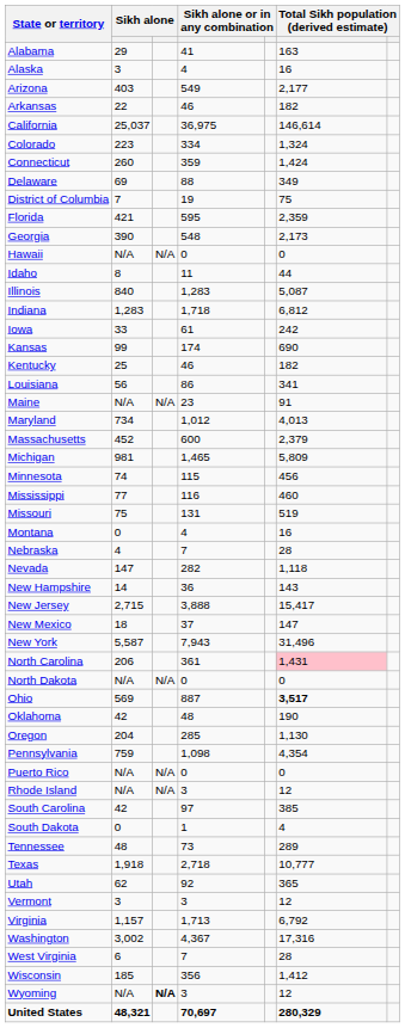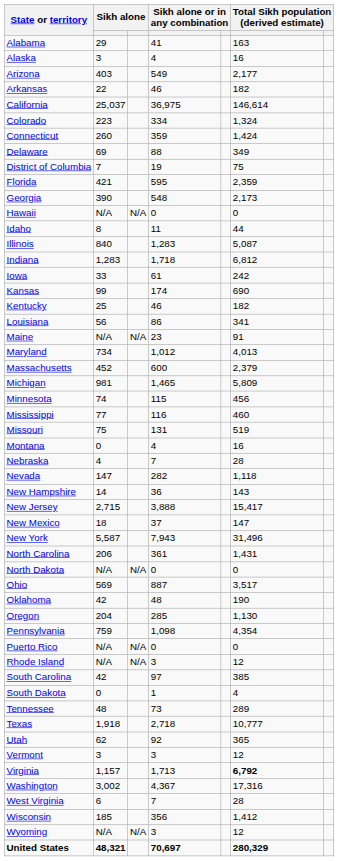 <table class="wikitable collapsible sortable">
 <tr>
 <th rowspan="2"><a href='#'>State</a> or <a href='#'>territory</a></th>
 <th colspan="2">Sikh alone</th>
 <th colspan="2">Sikh alone or in<br>any combination</th>
 <th colspan="2">Total Sikh population<br>(<strong>derived estimate</strong>)</th>
 </tr>
 <tr>
 <th><a href='#'></a></th>
 <th></th>
 <th><a href='#'></a></th>
 <th></th>
 <th><a href='#'></a></th>
 <th></th>
 </tr>
 <tr>
 <td> <a href='#'>Alabama</a></td>
 <td>29</td>
 <td></td>
 <td>41</td>
 <td></td>
 <td>163</td>
 <td></td>
 </tr>
 <tr>
 <td> <a href='#'>Alaska</a></td>
 <td>3</td>
 <td></td>
 <td>4</td>
 <td></td>
 <td>16</td>
 <td></td>
 </tr>
 <tr>
 <td> <a href='#'>Arizona</a></td>
 <td>403</td>
 <td></td>
 <td>549</td>
 <td></td>
 <td>2,177</td>
 <td></td>
 </tr>
 <tr>
 <td> <a href='#'>Arkansas</a></td>
 <td>22</td>
 <td></td>
 <td>46</td>
 <td></td>
 <td>182</td>
 <td></td>
 </tr>
 <tr>
 <td> <a href='#'>California</a></td>
 <td>25,037</td>
 <td></td>
 <td>36,975</td>
 <td></td>
 <td>146,614</td>
 <td></td>
 </tr>
 <tr>
 <td> <a href='#'>Colorado</a></td>
 <td>223</td>
 <td></td>
 <td>334</td>
 <td></td>
 <td>1,324</td>
 <td></td>
 </tr>
 <tr>
 <td> <a href='#'>Connecticut</a></td>
 <td>260</td>
 <td></td>
 <td>359</td>
 <td></td>
 <td>1,424</td>
 <td></td>
 </tr>
 <tr>
 <td> <a href='#'>Delaware</a></td>
 <td>69</td>
 <td></td>
 <td>88</td>
 <td></td>
 <td>349</td>
 <td></td>
 </tr>
 <tr>
 <td> <a href='#'>District of Columbia</a></td>
 <td>7</td>
 <td></td>
 <td>19</td>
 <td></td>
 <td>75</td>
 <td></td>
 </tr>
 <tr>
 <td> <a href='#'>Florida</a></td>
 <td>421</td>
 <td></td>
 <td>595</td>
 <td></td>
 <td>2,359</td>
 <td></td>
 </tr>
 <tr>
 <td> <a href='#'>Georgia</a></td>
 <td>390</td>
 <td></td>
 <td>548</td>
 <td></td>
 <td>2,173</td>
 <td></td>
 </tr>
 <tr>
 <td> <a href='#'>Hawaii</a></td>
 <td>N/A</td>
 <td>N/A</td>
 <td>0</td>
 <td></td>
 <td>0</td>
 <td></td>
 </tr>
 <tr>
 <td> <a href='#'>Idaho</a></td>
 <td>8</td>
 <td></td>
 <td>11</td>
 <td></td>
 <td>44</td>
 <td></td>
 </tr>
 <tr>
 <td> <a href='#'>Illinois</a></td>
 <td>840</td>
 <td></td>
 <td>1,283</td>
 <td></td>
 <td>5,087</td>
 <td></td>
 </tr>
 <tr>
 <td> <a href='#'>Indiana</a></td>
 <td>1,283</td>
 <td></td>
 <td>1,718</td>
 <td></td>
 <td>6,812</td>
 <td></td>
 </tr>
 <tr>
 <td> <a href='#'>Iowa</a></td>
 <td>33</td>
 <td></td>
 <td>61</td>
 <td></td>
 <td>242</td>
 <td></td>
 </tr>
 <tr>
 <td> <a href='#'>Kansas</a></td>
 <td>99</td>
 <td></td>
 <td>174</td>
 <td></td>
 <td>690</td>
 <td></td>
 </tr>
 <tr>
 <td> <a href='#'>Kentucky</a></td>
 <td>25</td>
 <td></td>
 <td>46</td>
 <td></td>
 <td>182</td>
 <td></td>
 </tr>
 <tr>
 <td> <a href='#'>Louisiana</a></td>
 <td>56</td>
 <td></td>
 <td>86</td>
 <td></td>
 <td>341</td>
 <td></td>
 </tr>
 <tr>
 <td> <a href='#'>Maine</a></td>
 <td>N/A</td>
 <td>N/A</td>
 <td>23</td>
 <td></td>
 <td>91</td>
 <td></td>
 </tr>
 <tr>
 <td> <a href='#'>Maryland</a></td>
 <td>734</td>
 <td></td>
 <td>1,012</td>
 <td></td>
 <td>4,013</td>
 <td></td>
 </tr>
 <tr>
 <td> <a href='#'>Massachusetts</a></td>
 <td>452</td>
 <td></td>
 <td>600</td>
 <td></td>
 <td>2,379</td>
 <td></td>
 </tr>
 <tr>
 <td> <a href='#'>Michigan</a></td>
 <td>981</td>
 <td></td>
 <td>1,465</td>
 <td></td>
 <td>5,809</td>
 <td></td>
 </tr>
 <tr>
 <td> <a href='#'>Minnesota</a></td>
 <td>74</td>
 <td></td>
 <td>115</td>
 <td></td>
 <td>456</td>
 <td></td>
 </tr>
 <tr>
 <td> <a href='#'>Mississippi</a></td>
 <td>77</td>
 <td></td>
 <td>116</td>
 <td></td>
 <td>460</td>
 <td></td>
 </tr>
 <tr>
 <td> <a href='#'>Missouri</a></td>
 <td>75</td>
 <td></td>
 <td>131</td>
 <td></td>
 <td>519</td>
 <td></td>
 </tr>
 <tr>
 <td> <a href='#'>Montana</a></td>
 <td>0</td>
 <td></td>
 <td>4</td>
 <td></td>
 <td>16</td>
 <td></td>
 </tr>
 <tr>
 <td> <a href='#'>Nebraska</a></td>
 <td>4</td>
 <td></td>
 <td>7</td>
 <td></td>
 <td>28</td>
 <td></td>
 </tr>
 <tr>
 <td> <a href='#'>Nevada</a></td>
 <td>147</td>
 <td></td>
 <td>282</td>
 <td></td>
 <td>1,118</td>
 <td></td>
 </tr>
 <tr>
 <td> <a href='#'>New Hampshire</a></td>
 <td>14</td>
 <td></td>
 <td>36</td>
 <td></td>
 <td>143</td>
 <td></td>
 </tr>
 <tr>
 <td> <a href='#'>New Jersey</a></td>
 <td>2,715</td>
 <td></td>
 <td>3,888</td>
 <td></td>
 <td>15,417</td>
 <td></td>
 </tr>
 <tr>
 <td> <a href='#'>New Mexico</a></td>
 <td>18</td>
 <td></td>
 <td>37</td>
 <td></td>
 <td>147</td>
 <td></td>
 </tr>
 <tr>
 <td> <a href='#'>New York</a></td>
 <td>5,587</td>
 <td></td>
 <td>7,943</td>
 <td></td>
 <td>31,496</td>
 <td></td>
 </tr>
 <tr>
 <td> <a href='#'>North Carolina</a></td>
 <td>206</td>
 <td></td>
 <td>361</td>
 <td></td>
-<td style="background: pink;">1,431</td>
+<td>1,431</td>
 <td></td>
 </tr>
 <tr>
 <td> <a href='#'>North Dakota</a></td>
 <td>N/A</td>
 <td>N/A</td>
 <td>0</td>
 <td></td>
 <td>0</td>
 <td></td>
 </tr>
 <tr>
 <td> <a href='#'>Ohio</a></td>
 <td>569</td>
 <td></td>
 <td>887</td>
 <td></td>
-<td><strong>3,517</strong></td>
+<td>3,517</td>
 <td></td>
 </tr>
 <tr>
 <td> <a href='#'>Oklahoma</a></td>
 <td>42</td>
 <td></td>
 <td>48</td>
 <td></td>
 <td>190</td>
 <td></td>
 </tr>
 <tr>
 <td> <a href='#'>Oregon</a></td>
 <td>204</td>
 <td></td>
 <td>285</td>
 <td></td>
 <td>1,130</td>
 <td></td>
 </tr>
 <tr>
 <td> <a href='#'>Pennsylvania</a></td>
 <td>759</td>
 <td></td>
 <td>1,098</td>
 <td></td>
 <td>4,354</td>
 <td></td>
 </tr>
 <tr>
 <td> <a href='#'>Puerto Rico</a></td>
 <td>N/A</td>
 <td>N/A</td>
 <td>0</td>
 <td></td>
 <td>0</td>
 <td></td>
 </tr>
 <tr>
 <td> <a href='#'>Rhode Island</a></td>
 <td>N/A</td>
 <td>N/A</td>
 <td>3</td>
 <td></td>
 <td>12</td>
 <td></td>
 </tr>
 <tr>
 <td> <a href='#'>South Carolina</a></td>
 <td>42</td>
 <td></td>
 <td>97</td>
 <td></td>
 <td>385</td>
 <td></td>
 </tr>
 <tr>
 <td> <a href='#'>South Dakota</a></td>
 <td>0</td>
 <td></td>
 <td>1</td>
 <td></td>
 <td>4</td>
 <td></td>
 </tr>
 <tr>
 <td> <a href='#'>Tennessee</a></td>
 <td>48</td>
 <td></td>
 <td>73</td>
 <td></td>
 <td>289</td>
 <td></td>
 </tr>
 <tr>
 <td> <a href='#'>Texas</a></td>
 <td>1,918</td>
 <td></td>
 <td>2,718</td>
 <td></td>
 <td>10,777</td>
 <td></td>
 </tr>
 <tr>
 <td> <a href='#'>Utah</a></td>
 <td>62</td>
 <td></td>
 <td>92</td>
 <td></td>
 <td>365</td>
 <td></td>
 </tr>
 <tr>
 <td> <a href='#'>Vermont</a></td>
 <td>3</td>
 <td></td>
 <td>3</td>
 <td></td>
 <td>12</td>
 <td></td>
 </tr>
 <tr>
 <td> <a href='#'>Virginia</a></td>
 <td>1,157</td>
 <td></td>
 <td>1,713</td>
 <td></td>
-<td>6,792</td>
+<td><strong>6,792</strong></td>
 <td></td>
 </tr>
 <tr>
 <td> <a href='#'>Washington</a></td>
 <td>3,002</td>
 <td></td>
 <td>4,367</td>
 <td></td>
 <td>17,316</td>
 <td></td>
 </tr>
 <tr>
 <td> <a href='#'>West Virginia</a></td>
 <td>6</td>
 <td></td>
 <td>7</td>
 <td></td>
 <td>28</td>
 <td></td>
 </tr>
 <tr>
 <td> <a href='#'>Wisconsin</a></td>
 <td>185</td>
 <td></td>
 <td>356</td>
 <td></td>
 <td>1,412</td>
 <td></td>
 </tr>
 <tr>
 <td> <a href='#'>Wyoming</a></td>
 <td>N/A</td>
-<td><strong>N/A</strong></td>
+<td>N/A</td>
 <td>3</td>
 <td></td>
 <td>12</td>
 <td></td>
 </tr>
 <tr>
 <td> <strong>United States</strong></td>
 <td><strong>48,321</strong></td>
 <td><strong></strong></td>
 <td><strong>70,697</strong></td>
 <td><strong></strong></td>
 <td><strong>280,329</strong></td>
 <td><strong></strong></td>
 </tr>
 </table>
